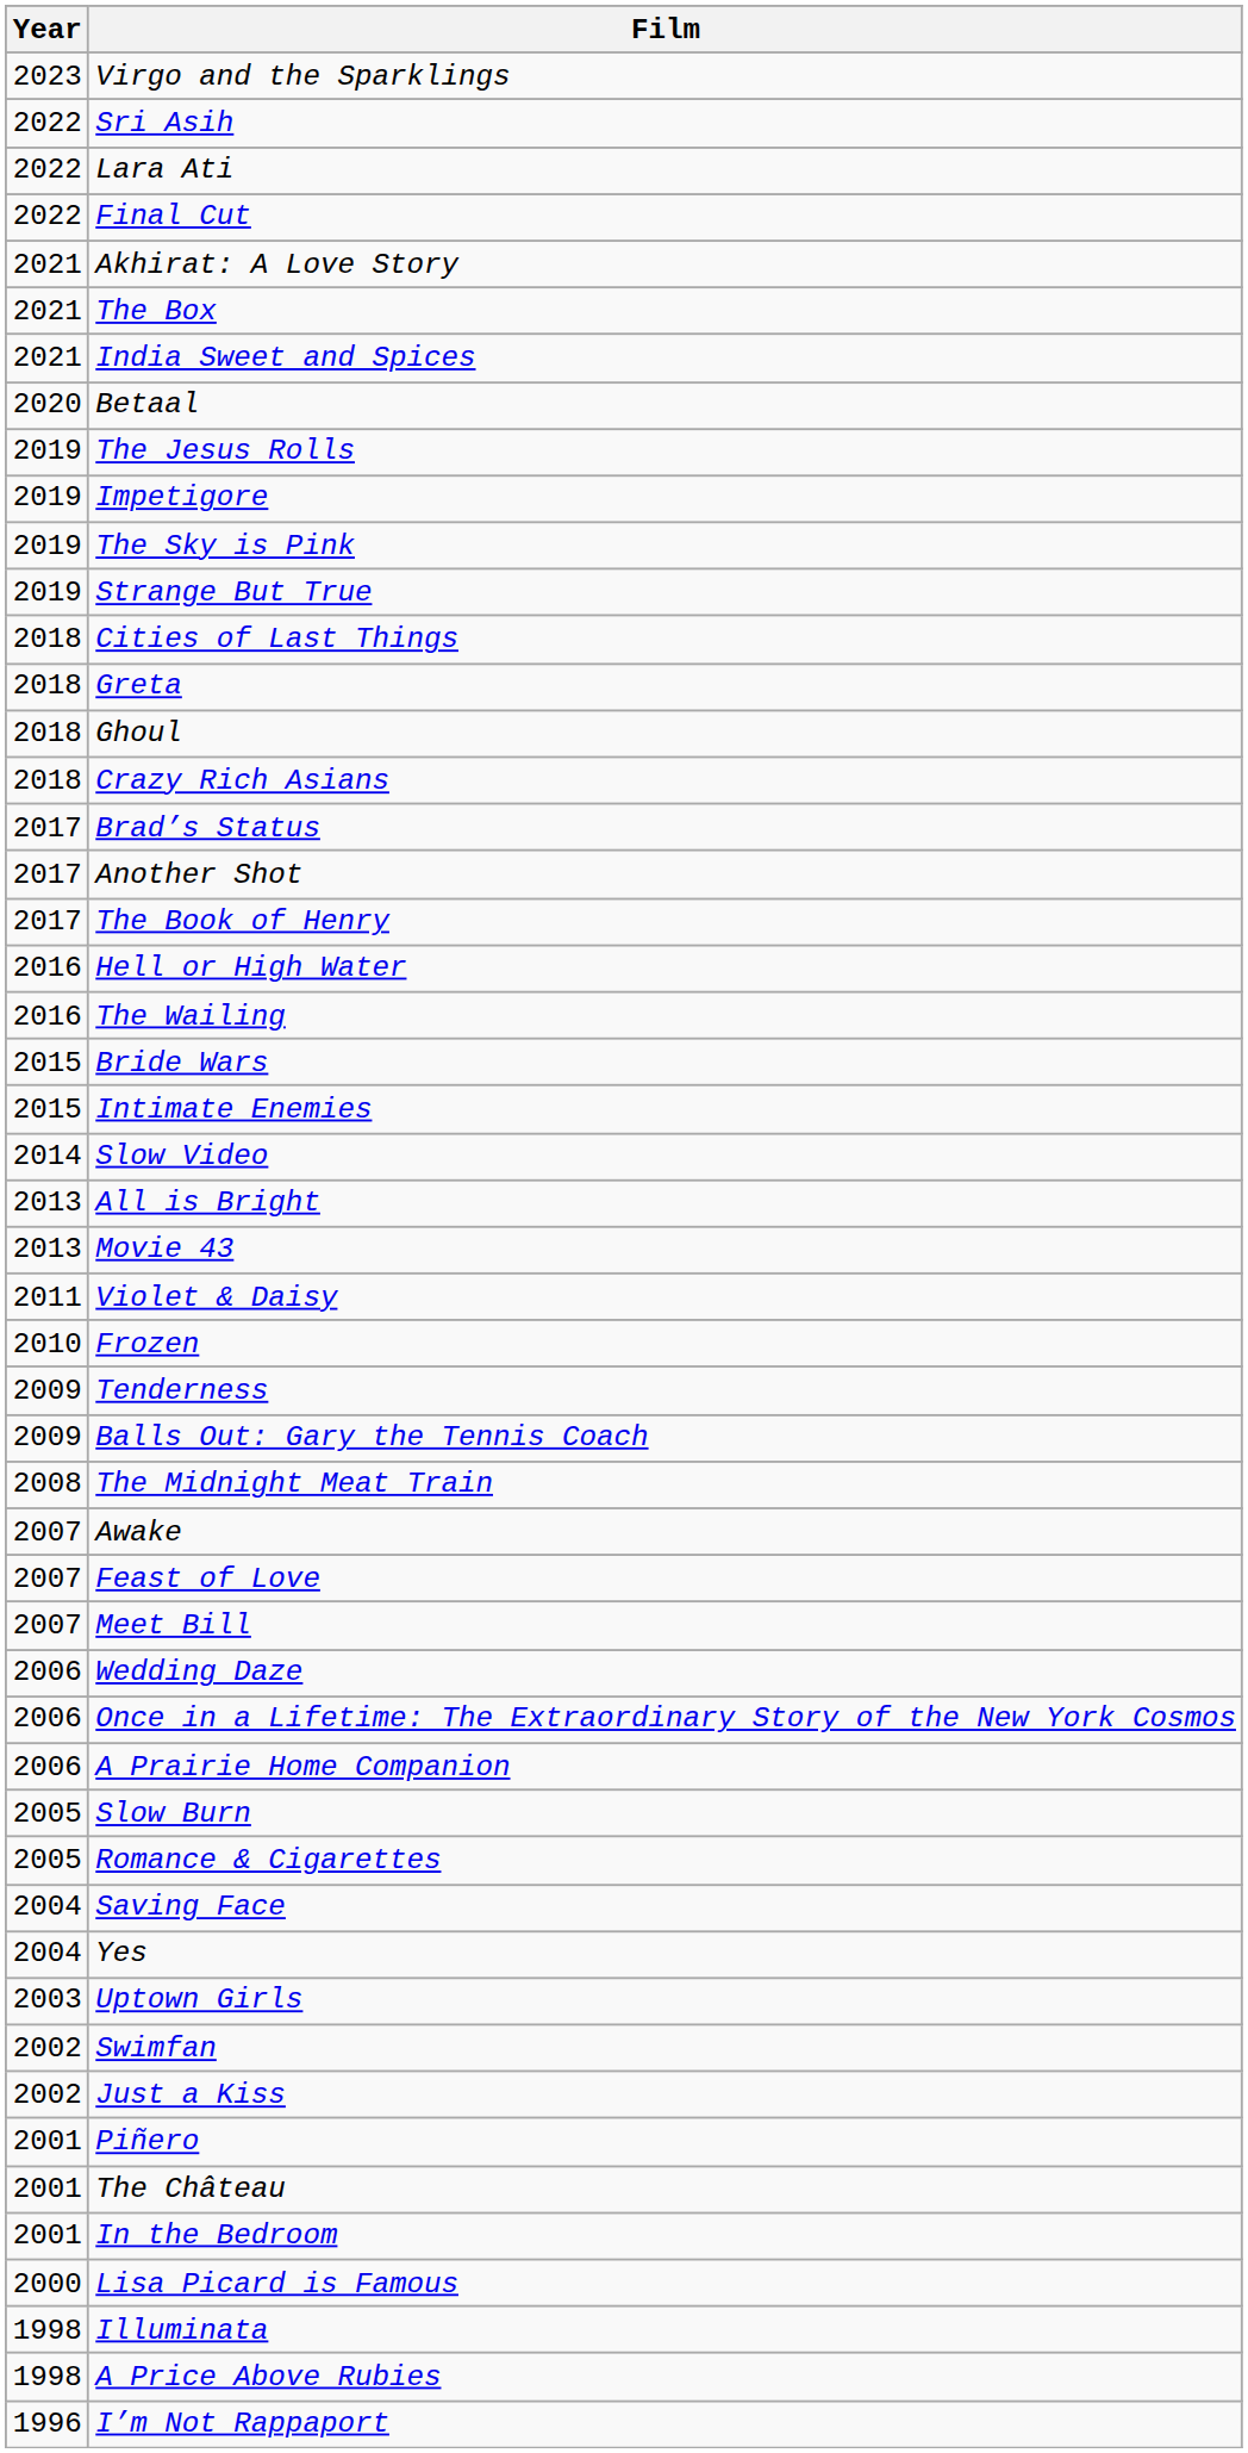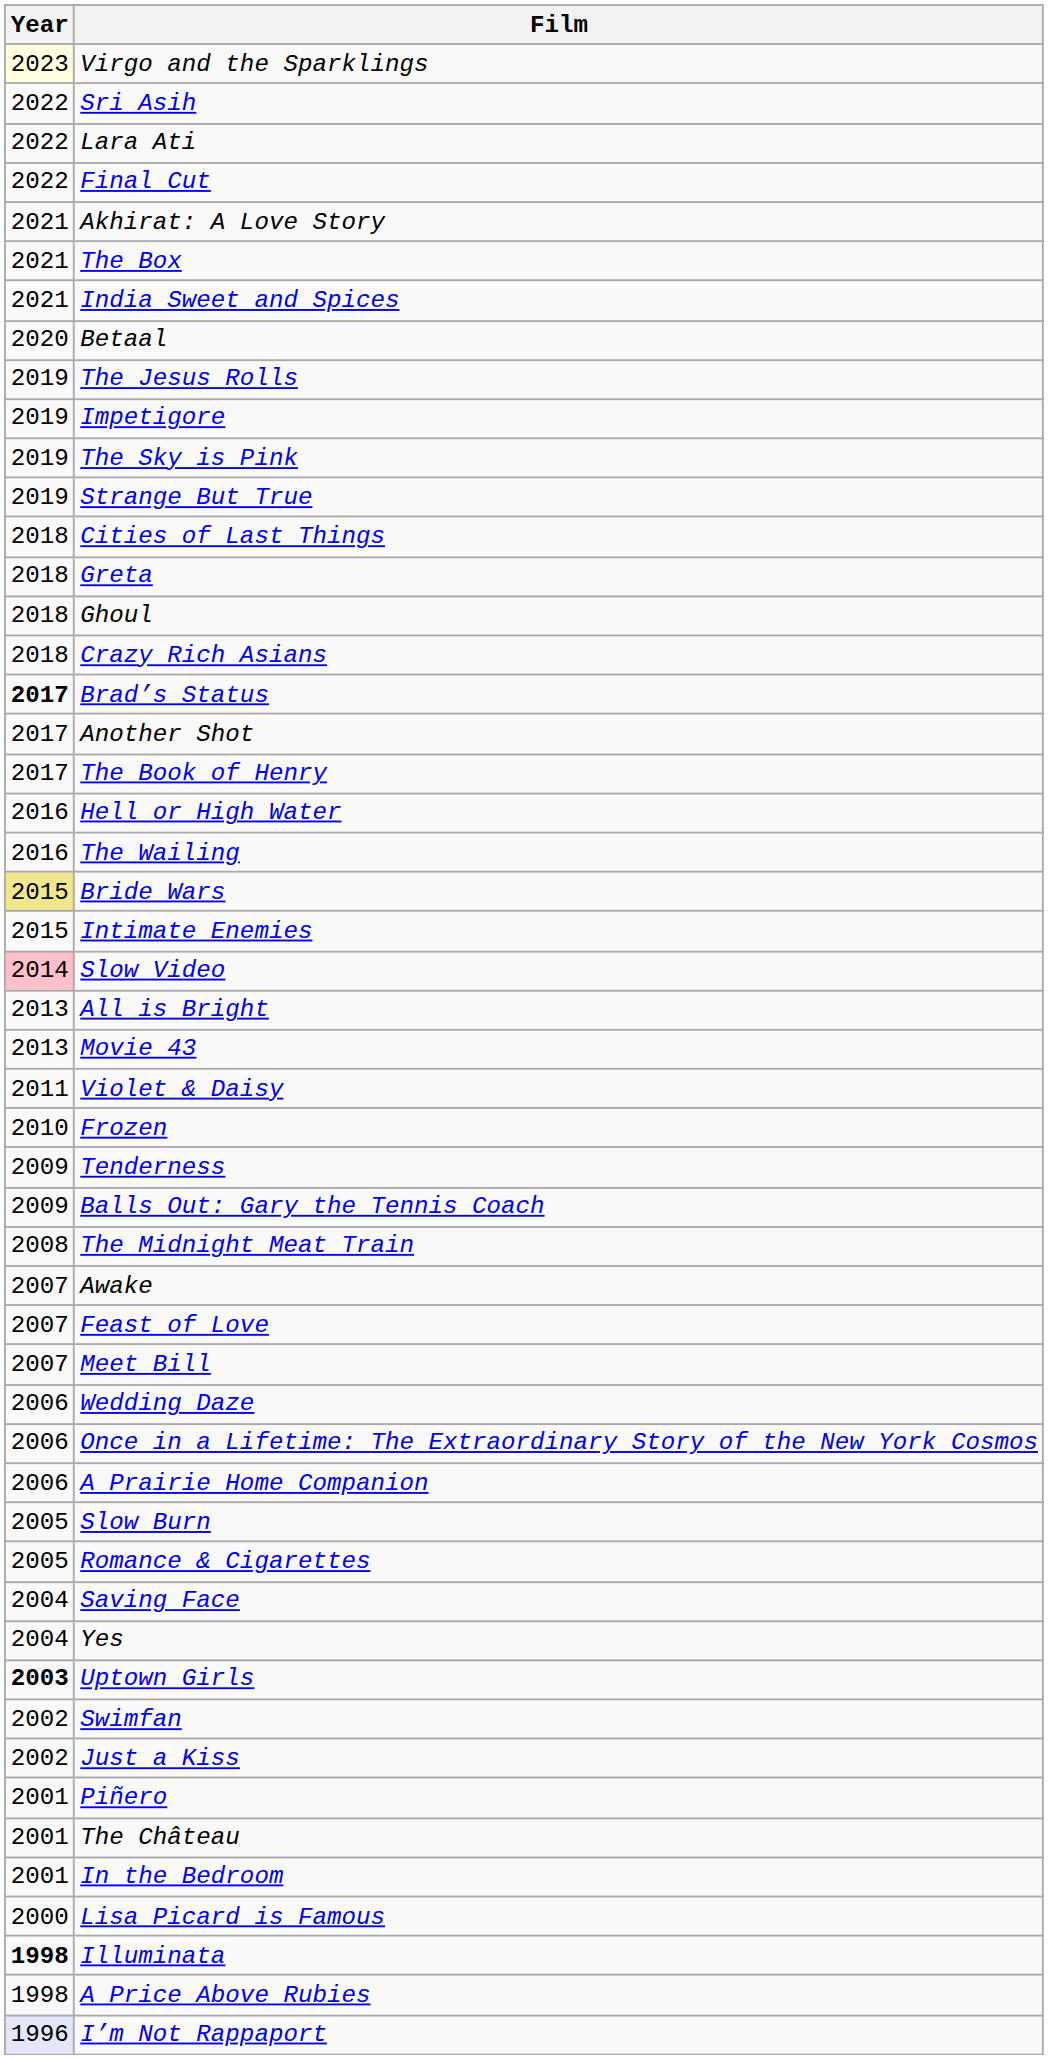 <table class="wikitable">
 <tr>
 <th>Year</th>
 <th>Film</th>
 </tr>
 <tr>
-<td>2023</td>
+<td style="background: lightyellow;">2023</td>
 <td><em>Virgo and the Sparklings</em></td>
 </tr>
 <tr>
 <td>2022</td>
 <td><em><a href='#'>Sri Asih</a></em></td>
 </tr>
 <tr>
 <td>2022</td>
 <td><em>Lara Ati</em></td>
 </tr>
 <tr>
 <td>2022</td>
 <td><em><a href='#'>Final Cut</a></em></td>
 </tr>
 <tr>
 <td>2021</td>
 <td><em>Akhirat: A Love Story</em></td>
 </tr>
 <tr>
 <td>2021</td>
 <td><em><a href='#'>The Box</a></em></td>
 </tr>
 <tr>
 <td>2021</td>
 <td><em><a href='#'>India Sweet and Spices</a></em></td>
 </tr>
 <tr>
 <td>2020</td>
 <td><em>Betaal</em></td>
 </tr>
 <tr>
 <td>2019</td>
 <td><em><a href='#'>The Jesus Rolls</a></em></td>
 </tr>
 <tr>
 <td>2019</td>
 <td><em><a href='#'>Impetigore</a></em></td>
 </tr>
 <tr>
 <td>2019</td>
 <td><em><a href='#'>The Sky is Pink</a></em></td>
 </tr>
 <tr>
 <td>2019</td>
 <td><em><a href='#'>Strange But True</a></em></td>
 </tr>
 <tr>
 <td>2018</td>
 <td><em><a href='#'>Cities of Last Things</a></em></td>
 </tr>
 <tr>
 <td>2018</td>
 <td><em><a href='#'>Greta</a></em></td>
 </tr>
 <tr>
 <td>2018</td>
 <td><em>Ghoul</em></td>
 </tr>
 <tr>
 <td>2018</td>
 <td><em><a href='#'>Crazy Rich Asians</a></em></td>
 </tr>
 <tr>
-<td>2017</td>
+<td><strong>2017</strong></td>
 <td><em><a href='#'>Brad’s Status</a></em></td>
 </tr>
 <tr>
 <td>2017</td>
 <td><em>Another Shot</em></td>
 </tr>
 <tr>
 <td>2017</td>
 <td><em><a href='#'>The Book of Henry</a></em></td>
 </tr>
 <tr>
 <td>2016</td>
 <td><em><a href='#'>Hell or High Water</a></em></td>
 </tr>
 <tr>
 <td>2016</td>
 <td><em><a href='#'>The Wailing</a></em></td>
 </tr>
 <tr>
-<td>2015</td>
+<td style="background: khaki;">2015</td>
 <td><em><a href='#'>Bride Wars</a></em></td>
 </tr>
 <tr>
 <td>2015</td>
 <td><em><a href='#'>Intimate Enemies</a></em></td>
 </tr>
 <tr>
-<td>2014</td>
+<td style="background: pink;">2014</td>
 <td><em><a href='#'>Slow Video</a></em></td>
 </tr>
 <tr>
 <td>2013</td>
 <td><em><a href='#'>All is Bright</a></em></td>
 </tr>
 <tr>
 <td>2013</td>
 <td><em><a href='#'>Movie 43</a></em></td>
 </tr>
 <tr>
 <td>2011</td>
 <td><em><a href='#'>Violet & Daisy</a></em></td>
 </tr>
 <tr>
 <td>2010</td>
 <td><em><a href='#'>Frozen</a></em></td>
 </tr>
 <tr>
 <td>2009</td>
 <td><em><a href='#'>Tenderness</a></em></td>
 </tr>
 <tr>
 <td>2009</td>
 <td><em><a href='#'>Balls Out: Gary the Tennis Coach</a></em></td>
 </tr>
 <tr>
 <td>2008</td>
 <td><em><a href='#'>The Midnight Meat Train</a></em></td>
 </tr>
 <tr>
 <td>2007</td>
 <td><em>Awake</em></td>
 </tr>
 <tr>
 <td>2007</td>
 <td><em><a href='#'>Feast of Love</a></em></td>
 </tr>
 <tr>
 <td>2007</td>
 <td><em><a href='#'>Meet Bill</a></em></td>
 </tr>
 <tr>
 <td>2006</td>
 <td><em><a href='#'>Wedding Daze</a></em></td>
 </tr>
 <tr>
 <td>2006</td>
 <td><em><a href='#'>Once in a Lifetime: The Extraordinary Story of the New York Cosmos</a></em></td>
 </tr>
 <tr>
 <td>2006</td>
 <td><em><a href='#'>A Prairie Home Companion</a></em></td>
 </tr>
 <tr>
 <td>2005</td>
 <td><em><a href='#'>Slow Burn</a></em></td>
 </tr>
 <tr>
 <td>2005</td>
 <td><em><a href='#'>Romance & Cigarettes</a></em></td>
 </tr>
 <tr>
 <td>2004</td>
 <td><em><a href='#'>Saving Face</a></em></td>
 </tr>
 <tr>
 <td>2004</td>
 <td><em>Yes</em></td>
 </tr>
 <tr>
-<td>2003</td>
+<td><strong>2003</strong></td>
 <td><em><a href='#'>Uptown Girls</a></em></td>
 </tr>
 <tr>
 <td>2002</td>
 <td><em><a href='#'>Swimfan</a></em></td>
 </tr>
 <tr>
 <td>2002</td>
 <td><em><a href='#'>Just a Kiss</a></em></td>
 </tr>
 <tr>
 <td>2001</td>
 <td><em><a href='#'>Piñero</a></em></td>
 </tr>
 <tr>
 <td>2001</td>
 <td><em>The Château</em></td>
 </tr>
 <tr>
 <td>2001</td>
 <td><em><a href='#'>In the Bedroom</a></em></td>
 </tr>
 <tr>
 <td>2000</td>
 <td><em><a href='#'>Lisa Picard is Famous</a></em></td>
 </tr>
 <tr>
-<td>1998</td>
+<td><strong>1998</strong></td>
 <td><em><a href='#'>Illuminata</a></em></td>
 </tr>
 <tr>
 <td>1998</td>
 <td><em><a href='#'>A Price Above Rubies</a></em></td>
 </tr>
 <tr>
-<td>1996</td>
+<td style="background: lavender;">1996</td>
 <td><em><a href='#'>I’m Not Rappaport</a></em></td>
 </tr>
 </table>
